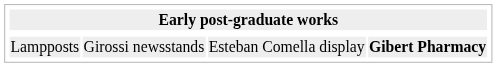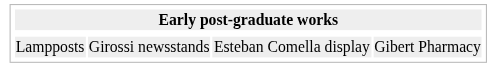 <table style="margin:1em auto; padding:2px; border: 1px solid #BBB; text-align:center; font-size:90%">
 <tr>
 <th colspan="4" style="background:#EEE">Early post-graduate works</th>
 </tr>
 <tr>
 <td></td>
 <td></td>
 <td></td>
 <td></td>
 </tr>
 <tr style="background:#EEE">
 <td>Lampposts</td>
 <td>Girossi newsstands</td>
 <td>Esteban Comella display</td>
-<td><strong>Gibert Pharmacy</strong></td>
+<td>Gibert Pharmacy</td>
 </tr>
 </table>
